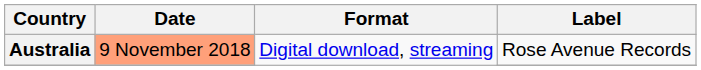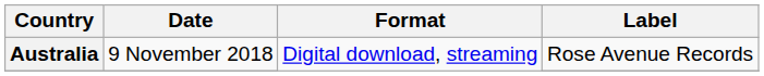 <table class="wikitable plainrowheaders">
 <tr>
 <th scope="col">Country</th>
 <th scope="col">Date</th>
 <th scope="col">Format</th>
 <th scope="col">Label</th>
 </tr>
 <tr>
 <th scope="row">Australia</th>
-<td style="background: lightsalmon;">9 November 2018</td>
+<td>9 November 2018</td>
 <td rowspan="2"><a href='#'>Digital download</a>, <a href='#'>streaming</a></td>
 <td>Rose Avenue Records</td>
 </tr>
 <tr>
 </tr>
 </table>
